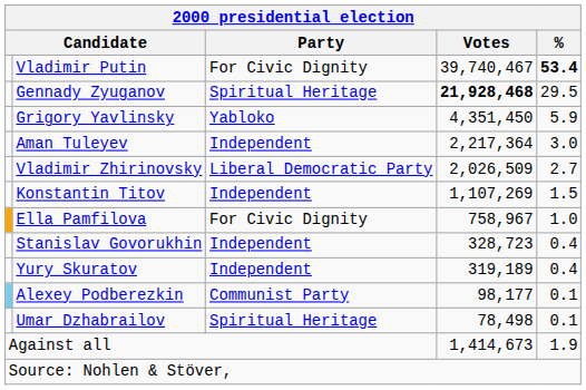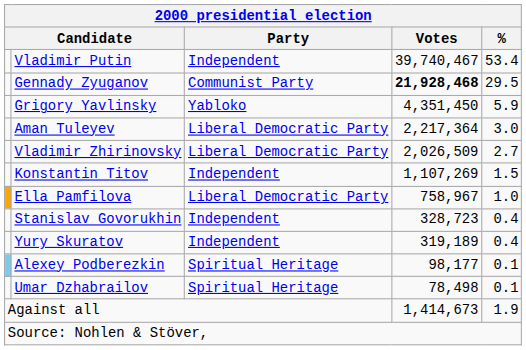 <table class=wikitable style=text-align:right>
 <tr>
 <th colspan=5><a href='#'>2000 presidential election</a></th>
 </tr>
 <tr>
 <th colspan=2>Candidate</th>
 <th>Party</th>
 <th>Votes</th>
 <th>%</th>
 </tr>
 <tr>
 <td style="background-color: "></td>
 <td align=left><a href='#'>Vladimir Putin</a></td>
-<td align=left>For Civic Dignity</td>
+<td align=left><a href='#'>Independent</a></td>
 <td>39,740,467</td>
-<td><strong>53.4</strong></td>
+<td>53.4</td>
 </tr>
 <tr>
 <td style="background-color: "></td>
 <td align=left><a href='#'>Gennady Zyuganov</a></td>
-<td align=left><a href='#'>Spiritual Heritage</a></td>
+<td align=left><a href='#'>Communist Party</a></td>
 <td><strong>21,928,468</strong></td>
 <td>29.5</td>
 </tr>
 <tr>
 <td style="background-color: "></td>
 <td align=left><a href='#'>Grigory Yavlinsky</a></td>
 <td align=left><a href='#'>Yabloko</a></td>
 <td>4,351,450</td>
 <td>5.9</td>
 </tr>
 <tr>
 <td style="background-color: "></td>
 <td align=left><a href='#'>Aman Tuleyev</a></td>
-<td align=left><a href='#'>Independent</a></td>
+<td align=left><a href='#'>Liberal Democratic Party</a></td>
 <td>2,217,364</td>
 <td>3.0</td>
 </tr>
 <tr>
 <td style="background-color: "></td>
 <td align=left><a href='#'>Vladimir Zhirinovsky</a></td>
 <td align=left><a href='#'>Liberal Democratic Party</a></td>
 <td>2,026,509</td>
 <td>2.7</td>
 </tr>
 <tr>
 <td style="background-color: "></td>
 <td align=left><a href='#'>Konstantin Titov</a></td>
 <td align=left><a href='#'>Independent</a></td>
 <td>1,107,269</td>
 <td>1.5</td>
 </tr>
 <tr>
 <td style="background-color: #ffa500"></td>
 <td align=left><a href='#'>Ella Pamfilova</a></td>
-<td align=left>For Civic Dignity</td>
+<td align=left><a href='#'>Liberal Democratic Party</a></td>
 <td>758,967</td>
 <td>1.0</td>
 </tr>
 <tr>
 <td style="background-color: "></td>
 <td align=left><a href='#'>Stanislav Govorukhin</a></td>
 <td align=left><a href='#'>Independent</a></td>
 <td>328,723</td>
 <td>0.4</td>
 </tr>
 <tr>
 <td style="background-color: "></td>
 <td align=left><a href='#'>Yury Skuratov</a></td>
 <td align=left><a href='#'>Independent</a></td>
 <td>319,189</td>
 <td>0.4</td>
 </tr>
 <tr>
 <td style="background-color: #78ccf0"></td>
 <td align=left><a href='#'>Alexey Podberezkin</a></td>
-<td align=left><a href='#'>Communist Party</a></td>
+<td align=left><a href='#'>Spiritual Heritage</a></td>
 <td>98,177</td>
 <td>0.1</td>
 </tr>
 <tr>
 <td style="background-color: "></td>
 <td align=left><a href='#'>Umar Dzhabrailov</a></td>
 <td align=left><a href='#'>Spiritual Heritage</a></td>
 <td>78,498</td>
 <td>0.1</td>
 </tr>
 <tr>
 <td align=left colspan=3>Against all</td>
 <td>1,414,673</td>
 <td>1.9</td>
 </tr>
 <tr>
 <td align=left colspan=5>Source: Nohlen & Stöver, </td>
 </tr>
 </table>
